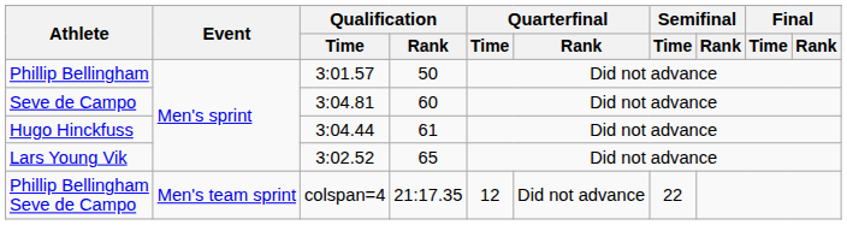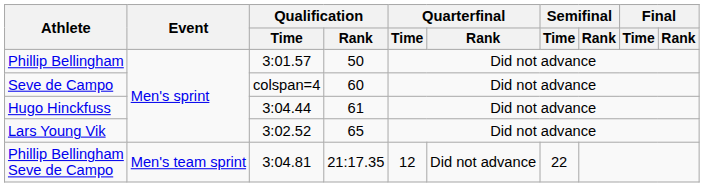 <table class=wikitable style=font-size:90%;text-align:center>
 <tr>
 <th rowspan=2>Athlete</th>
 <th rowspan=2>Event</th>
 <th colspan=2>Qualification</th>
 <th colspan=2>Quarterfinal</th>
 <th colspan=2>Semifinal</th>
 <th colspan=2>Final</th>
 </tr>
 <tr style=font-size:95%>
 <th>Time</th>
 <th>Rank</th>
 <th>Time</th>
 <th>Rank</th>
 <th>Time</th>
 <th>Rank</th>
 <th>Time</th>
 <th>Rank</th>
 </tr>
 <tr>
 <td align=left><a href='#'>Phillip Bellingham</a></td>
 <td align=left rowspan=4><a href='#'>Men's sprint</a></td>
 <td>3:01.57</td>
 <td>50</td>
 <td colspan=6>Did not advance</td>
 </tr>
 <tr>
 <td align=left><a href='#'>Seve de Campo</a></td>
-<td>3:04.81</td>
+<td>colspan=4 </td>
 <td>60</td>
 <td colspan=6>Did not advance</td>
 </tr>
 <tr>
 <td align=left><a href='#'>Hugo Hinckfuss</a></td>
 <td>3:04.44</td>
 <td>61</td>
 <td colspan=6>Did not advance</td>
 </tr>
 <tr>
 <td align=left><a href='#'>Lars Young Vik</a></td>
 <td>3:02.52</td>
 <td>65</td>
 <td colspan=6>Did not advance</td>
 </tr>
 <tr>
 <td align=left><a href='#'>Phillip Bellingham</a><br><a href='#'>Seve de Campo</a></td>
 <td align=left><a href='#'>Men's team sprint</a></td>
-<td>colspan=4 </td>
+<td>3:04.81</td>
 <td>21:17.35</td>
 <td>12</td>
 <td>Did not advance</td>
 <td>22</td>
 </tr>
 </table>
